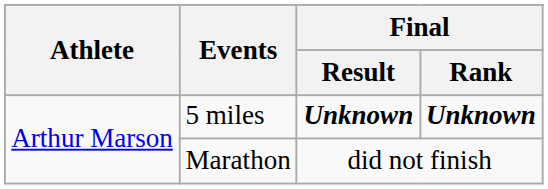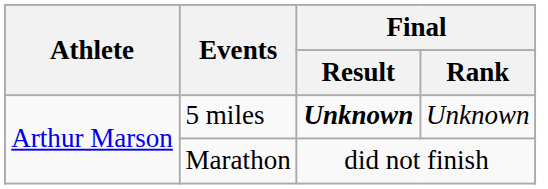 <table class=wikitable style="font-size:90%">
 <tr>
 <th rowspan="2">Athlete</th>
 <th rowspan="2">Events</th>
 <th colspan="2">Final</th>
 </tr>
 <tr>
 <th>Result</th>
 <th>Rank</th>
 </tr>
 <tr>
 <td rowspan=2><a href='#'>Arthur Marson</a></td>
 <td>5 miles</td>
 <td align="center"><strong><em>Unknown</em></strong></td>
-<td align="center"><strong><em>Unknown</em></strong></td>
+<td align="center"><em>Unknown</em></td>
 </tr>
 <tr>
 <td>Marathon</td>
 <td align="center" colspan=2>did not finish</td>
 </tr>
 </table>
